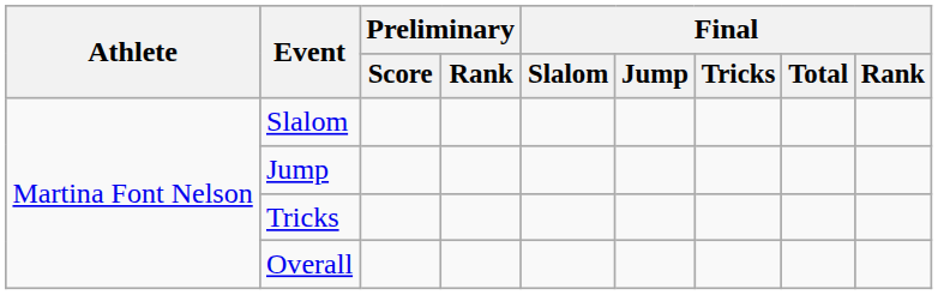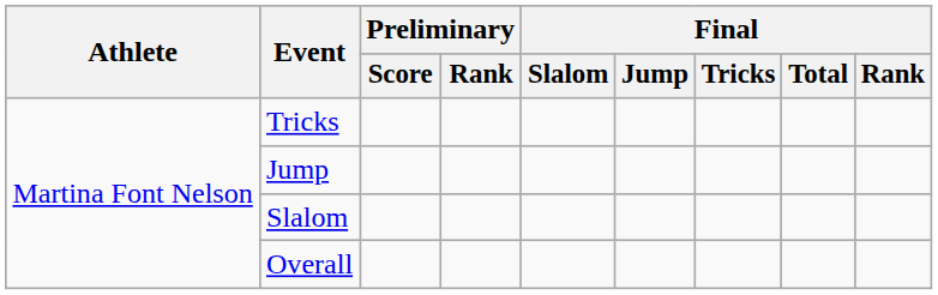 <table class=wikitable style=font-size:90%;text-align:center>
 <tr>
 <th rowspan=2>Athlete</th>
 <th rowspan=2>Event</th>
 <th colspan=2>Preliminary</th>
 <th colspan=5>Final</th>
 </tr>
 <tr style=font-size:95%>
 <th>Score</th>
 <th>Rank</th>
 <th>Slalom</th>
 <th>Jump</th>
 <th>Tricks</th>
 <th>Total</th>
 <th>Rank</th>
 </tr>
 <tr>
 <td align=left rowspan=4><a href='#'>Martina Font Nelson</a></td>
-<td align=left><a href='#'>Slalom</a></td>
+<td align=left><a href='#'>Tricks</a></td>
 <td></td>
 <td></td>
 <td></td>
 <td></td>
 <td></td>
 <td></td>
 <td></td>
 </tr>
 <tr>
 <td align=left><a href='#'>Jump</a></td>
 <td></td>
 <td></td>
 <td></td>
 <td></td>
 <td></td>
 <td></td>
 <td></td>
 </tr>
 <tr>
-<td align=left><a href='#'>Tricks</a></td>
+<td align=left><a href='#'>Slalom</a></td>
 <td></td>
 <td></td>
 <td></td>
 <td></td>
 <td></td>
 <td></td>
 <td></td>
 </tr>
 <tr>
 <td align=left><a href='#'>Overall</a></td>
 <td></td>
 <td></td>
 <td></td>
 <td></td>
 <td></td>
 <td></td>
 <td></td>
 </tr>
 </table>
